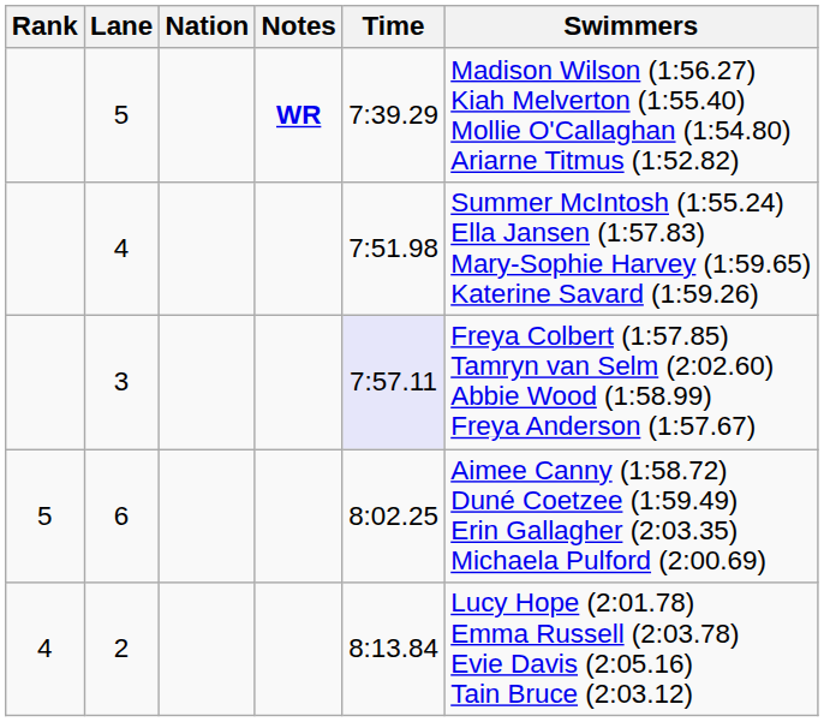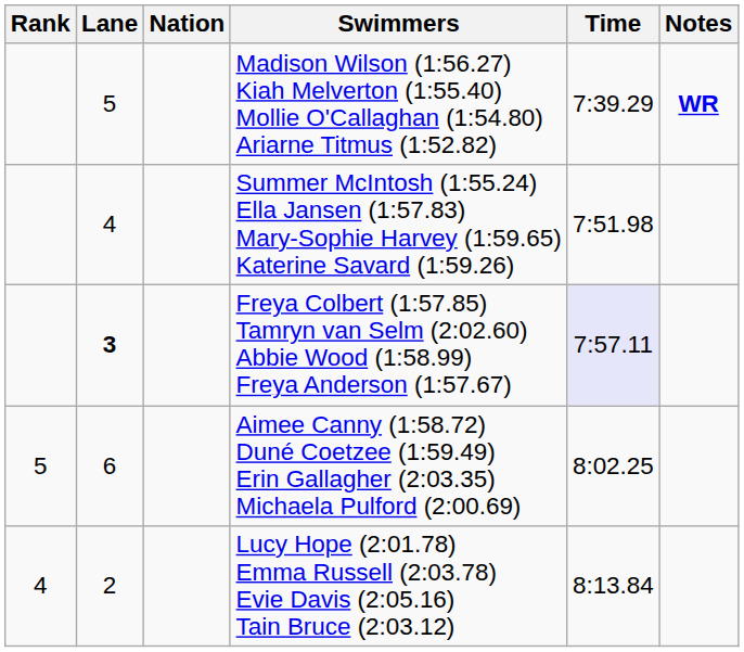 <table class="wikitable sortable" style="text-align:center">
 <tr>
 <th>Rank</th>
 <th>Lane</th>
 <th>Nation</th>
+<th>Swimmers</th>
+<th>Time</th>
 <th>Notes</th>
-<th>Time</th>
-<th>Swimmers</th>
 </tr>
 <tr>
 <td></td>
 <td>5</td>
 <td align=left></td>
+<td align="left"><a href='#'>Madison Wilson</a> (1:56.27)<br><a href='#'>Kiah Melverton</a> (1:55.40)<br><a href='#'>Mollie O'Callaghan</a> (1:54.80)<br><a href='#'>Ariarne Titmus</a> (1:52.82)</td>
+<td>7:39.29</td>
 <td><strong><a href='#'>WR</a></strong></td>
-<td>7:39.29</td>
-<td align="left"><a href='#'>Madison Wilson</a> (1:56.27)<br><a href='#'>Kiah Melverton</a> (1:55.40)<br><a href='#'>Mollie O'Callaghan</a> (1:54.80)<br><a href='#'>Ariarne Titmus</a> (1:52.82)</td>
 </tr>
 <tr>
 <td></td>
 <td>4</td>
 <td align=left></td>
+<td align="left"><a href='#'>Summer McIntosh</a> (1:55.24)<br><a href='#'>Ella Jansen</a> (1:57.83)<br><a href='#'>Mary-Sophie Harvey</a> (1:59.65)<br><a href='#'>Katerine Savard</a> (1:59.26)</td>
+<td>7:51.98</td>
 <td></td>
-<td>7:51.98</td>
-<td align="left"><a href='#'>Summer McIntosh</a> (1:55.24)<br><a href='#'>Ella Jansen</a> (1:57.83)<br><a href='#'>Mary-Sophie Harvey</a> (1:59.65)<br><a href='#'>Katerine Savard</a> (1:59.26)</td>
 </tr>
 <tr>
 <td></td>
-<td>3</td>
+<td><strong>3</strong></td>
 <td align=left></td>
+<td align="left"><a href='#'>Freya Colbert</a> (1:57.85)<br><a href='#'>Tamryn van Selm</a> (2:02.60)<br><a href='#'>Abbie Wood</a> (1:58.99)<br><a href='#'>Freya Anderson</a> (1:57.67)</td>
+<td style="background: lavender;">7:57.11</td>
 <td></td>
-<td style="background: lavender;">7:57.11</td>
-<td align="left"><a href='#'>Freya Colbert</a> (1:57.85)<br><a href='#'>Tamryn van Selm</a> (2:02.60)<br><a href='#'>Abbie Wood</a> (1:58.99)<br><a href='#'>Freya Anderson</a> (1:57.67)</td>
 </tr>
 <tr>
 <td>5</td>
 <td>6</td>
 <td align=left></td>
+<td align="left"><a href='#'>Aimee Canny</a> (1:58.72)<br><a href='#'>Duné Coetzee</a> (1:59.49)<br><a href='#'>Erin Gallagher</a> (2:03.35)<br><a href='#'>Michaela Pulford</a> (2:00.69)</td>
+<td>8:02.25</td>
 <td></td>
-<td>8:02.25</td>
-<td align="left"><a href='#'>Aimee Canny</a> (1:58.72)<br><a href='#'>Duné Coetzee</a> (1:59.49)<br><a href='#'>Erin Gallagher</a> (2:03.35)<br><a href='#'>Michaela Pulford</a> (2:00.69)</td>
 </tr>
 <tr>
 <td>4</td>
 <td>2</td>
 <td align=left></td>
+<td align="left"><a href='#'>Lucy Hope</a> (2:01.78)<br><a href='#'>Emma Russell</a> (2:03.78)<br><a href='#'>Evie Davis</a> (2:05.16)<br><a href='#'>Tain Bruce</a> (2:03.12)</td>
+<td>8:13.84</td>
 <td></td>
-<td>8:13.84</td>
-<td align="left"><a href='#'>Lucy Hope</a> (2:01.78)<br><a href='#'>Emma Russell</a> (2:03.78)<br><a href='#'>Evie Davis</a> (2:05.16)<br><a href='#'>Tain Bruce</a> (2:03.12)</td>
 </tr>
 </table>
